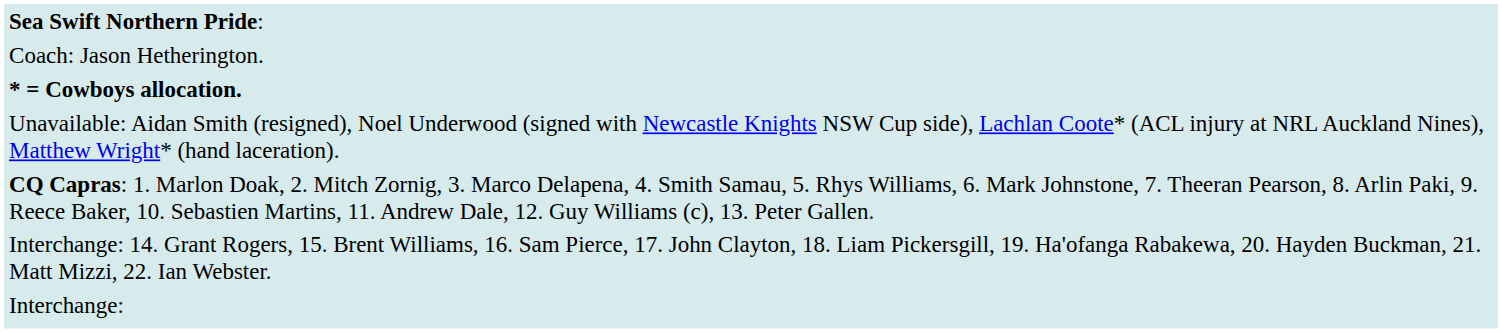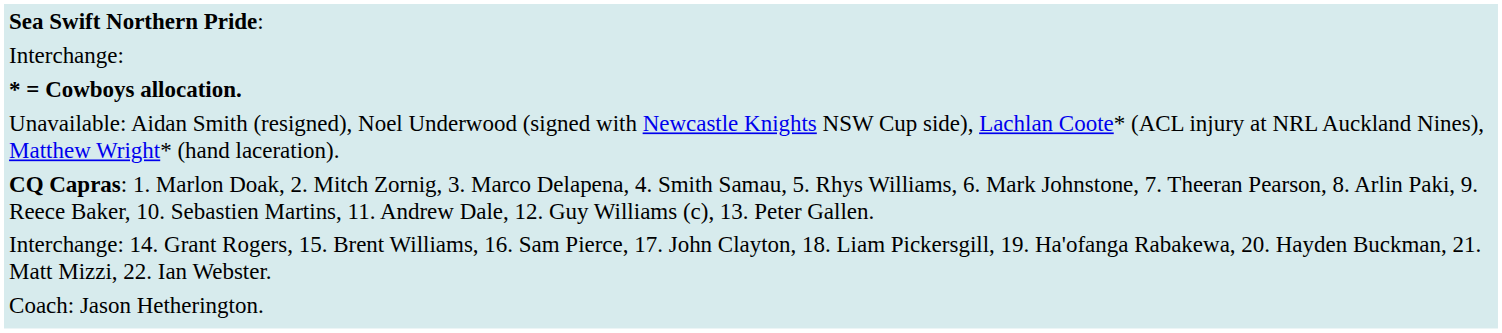 <table style="background:#d7ebed; font-size:85%; width:100%;">
 <tr>
 <td><strong>Sea Swift Northern Pride</strong>:             </td>
 </tr>
 <tr>
-<td>Coach: Jason Hetherington.</td>
+<td>Interchange:    </td>
 </tr>
 <tr>
 <td><strong>* = Cowboys allocation.</strong></td>
 </tr>
 <tr>
 <td>Unavailable: Aidan Smith (resigned), Noel Underwood (signed with <a href='#'>Newcastle Knights</a> NSW Cup side), <a href='#'>Lachlan Coote</a>* (ACL injury at NRL Auckland Nines), <a href='#'>Matthew Wright</a>* (hand laceration).</td>
 </tr>
 <tr>
 <td><strong>CQ Capras</strong>: 1. Marlon Doak, 2. Mitch Zornig, 3. Marco Delapena, 4. Smith Samau, 5. Rhys Williams, 6. Mark Johnstone, 7. Theeran Pearson, 8. Arlin Paki, 9. Reece Baker, 10. Sebastien Martins, 11. Andrew Dale, 12. Guy Williams (c), 13. Peter Gallen.</td>
 </tr>
 <tr>
 <td>Interchange: 14. Grant Rogers, 15. Brent Williams, 16. Sam Pierce, 17. John Clayton, 18. Liam Pickersgill, 19. Ha'ofanga Rabakewa, 20. Hayden Buckman, 21. Matt Mizzi, 22. Ian Webster.</td>
 </tr>
 <tr>
-<td>Interchange:    </td>
+<td>Coach: Jason Hetherington.</td>
 </tr>
 <tr>
 </tr>
 </table>
